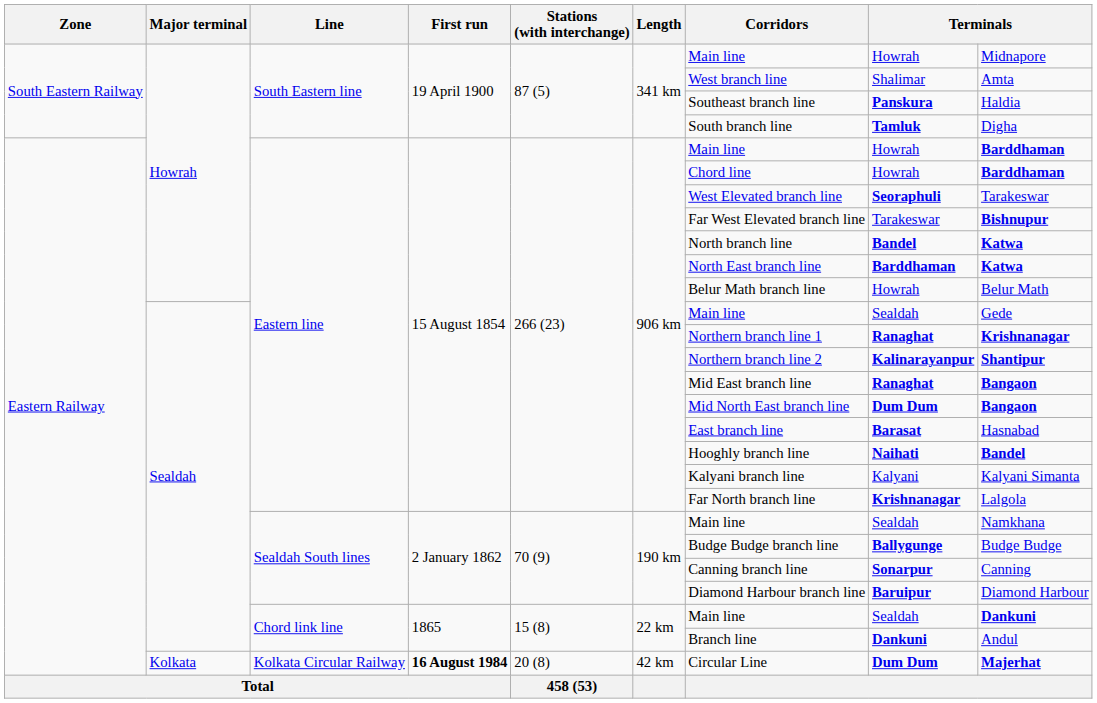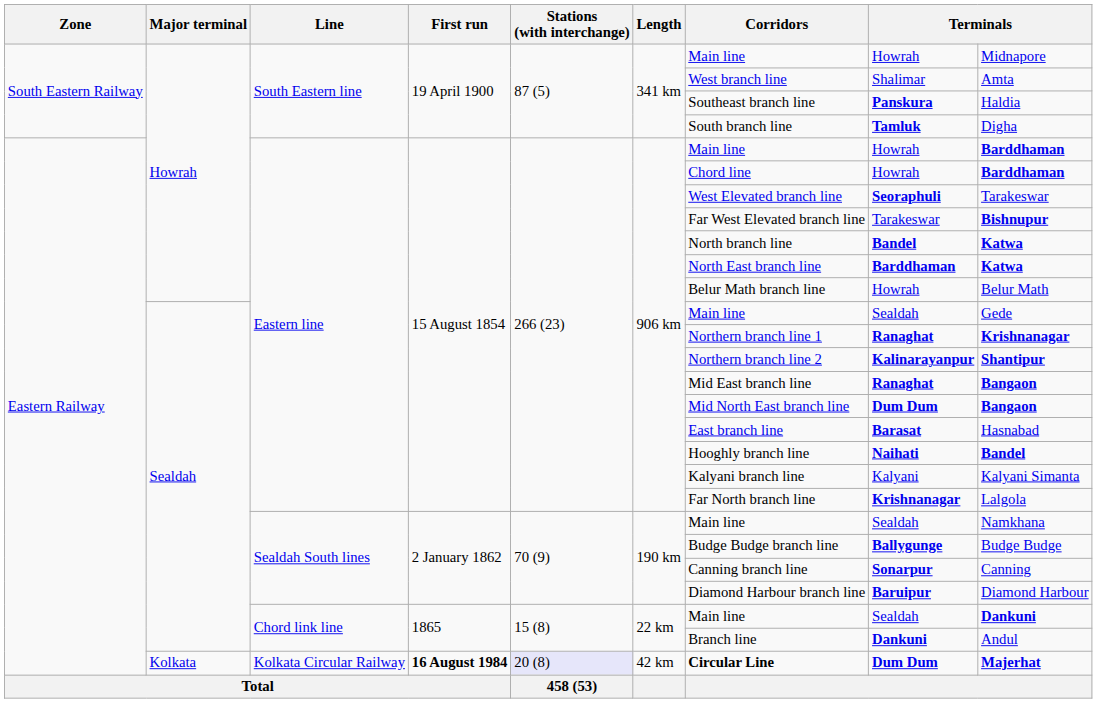 <table class="wikitable sortable">
 <tr>
 <th>Zone</th>
 <th>Major terminal</th>
 <th>Line</th>
 <th>First run</th>
 <th>Stations <br> (with interchange)</th>
 <th>Length</th>
 <th>Corridors</th>
 <th colspan="2">Terminals</th>
 </tr>
 <tr>
 <td rowspan="4"><a href='#'>South Eastern Railway</a></td>
 <td rowspan="11"><a href='#'>Howrah</a></td>
 <td rowspan="4"><a href='#'>South Eastern line</a></td>
 <td rowspan="4">19 April 1900</td>
 <td rowspan="4">87 (5)</td>
 <td rowspan="4">341 km</td>
 <td><a href='#'>Main line</a></td>
 <td><a href='#'>Howrah</a></td>
 <td><a href='#'>Midnapore</a></td>
 </tr>
 <tr>
 <td><a href='#'>West branch line</a></td>
 <td><a href='#'>Shalimar</a></td>
 <td><a href='#'>Amta</a></td>
 </tr>
 <tr>
 <td>Southeast branch line</td>
 <td><a href='#'><strong>Panskura</strong></a></td>
 <td><a href='#'>Haldia</a></td>
 </tr>
 <tr>
 <td>South branch line</td>
 <td><a href='#'><strong>Tamluk</strong></a></td>
 <td><a href='#'>Digha</a></td>
 </tr>
 <tr>
 <td rowspan="23"><a href='#'>Eastern Railway</a></td>
 <td rowspan="16"><a href='#'>Eastern line</a></td>
 <td rowspan="16">15 August 1854</td>
 <td rowspan="16">266 (23)</td>
 <td rowspan="16">906 km</td>
 <td><a href='#'>Main line</a></td>
 <td><a href='#'>Howrah</a></td>
 <td><a href='#'><strong>Barddhaman</strong></a></td>
 </tr>
 <tr>
 <td><a href='#'>Chord line</a></td>
 <td><a href='#'>Howrah</a></td>
 <td><a href='#'><strong>Barddhaman</strong></a></td>
 </tr>
 <tr>
 <td><a href='#'>West Elevated branch line</a></td>
 <td><a href='#'><strong>Seoraphuli</strong></a></td>
 <td><a href='#'>Tarakeswar</a></td>
 </tr>
 <tr>
 <td>Far West Elevated branch line</td>
 <td><a href='#'>Tarakeswar</a></td>
 <td><a href='#'><strong>Bishnupur</strong></a></td>
 </tr>
 <tr>
 <td>North branch line</td>
 <td><a href='#'><strong>Bandel</strong></a></td>
 <td><a href='#'><strong>Katwa</strong></a></td>
 </tr>
 <tr>
 <td><a href='#'>North East branch line</a></td>
 <td><a href='#'><strong>Barddhaman</strong></a></td>
 <td><a href='#'><strong>Katwa</strong></a></td>
 </tr>
 <tr>
 <td>Belur Math branch line</td>
 <td><a href='#'>Howrah</a></td>
 <td><a href='#'>Belur Math</a></td>
 </tr>
 <tr>
 <td rowspan="15"><a href='#'>Sealdah</a></td>
 <td><a href='#'>Main line</a></td>
 <td><a href='#'>Sealdah</a></td>
 <td><a href='#'>Gede</a></td>
 </tr>
 <tr>
 <td><a href='#'>Northern branch line 1</a></td>
 <td><a href='#'><strong>Ranaghat</strong></a></td>
 <td><strong><a href='#'>Krishnanagar</a></strong></td>
 </tr>
 <tr>
 <td><a href='#'>Northern branch line 2</a></td>
 <td><a href='#'><strong>Kalinarayanpur</strong></a></td>
 <td><a href='#'><strong>Shantipur</strong></a></td>
 </tr>
 <tr>
 <td>Mid East branch line</td>
 <td><a href='#'><strong>Ranaghat</strong></a></td>
 <td><a href='#'><strong>Bangaon</strong></a></td>
 </tr>
 <tr>
 <td><a href='#'>Mid North East branch line</a></td>
 <td><a href='#'><strong>Dum Dum</strong></a></td>
 <td><a href='#'><strong>Bangaon</strong></a></td>
 </tr>
 <tr>
 <td><a href='#'>East branch line</a></td>
 <td><a href='#'><strong>Barasat</strong></a></td>
 <td><a href='#'>Hasnabad</a></td>
 </tr>
 <tr>
 <td>Hooghly branch line</td>
 <td><a href='#'><strong>Naihati</strong></a></td>
 <td><a href='#'><strong>Bandel</strong></a></td>
 </tr>
 <tr>
 <td>Kalyani branch line</td>
 <td><a href='#'>Kalyani</a></td>
 <td><a href='#'>Kalyani Simanta</a></td>
 </tr>
 <tr>
 <td>Far North branch line</td>
 <td><a href='#'><strong>Krishnanagar</strong></a></td>
 <td><a href='#'>Lalgola</a></td>
 </tr>
 <tr>
 <td rowspan="4"><a href='#'>Sealdah South lines</a></td>
 <td rowspan="4">2 January 1862</td>
 <td rowspan="4">70 (9)</td>
 <td rowspan="4">190 km</td>
 <td>Main line</td>
 <td><a href='#'>Sealdah</a></td>
 <td><a href='#'>Namkhana</a></td>
 </tr>
 <tr>
 <td>Budge Budge branch line</td>
 <td><a href='#'><strong>Ballygunge</strong></a></td>
 <td><a href='#'>Budge Budge</a></td>
 </tr>
 <tr>
 <td>Canning branch line</td>
 <td><a href='#'><strong>Sonarpur</strong></a></td>
 <td><a href='#'>Canning</a></td>
 </tr>
 <tr>
 <td>Diamond Harbour branch line</td>
 <td><a href='#'><strong>Baruipur</strong></a></td>
 <td><a href='#'>Diamond Harbour</a></td>
 </tr>
 <tr>
 <td rowspan="2"><a href='#'>Chord link line</a></td>
 <td rowspan="2">1865</td>
 <td rowspan="2">15 (8)</td>
 <td rowspan="2">22 km</td>
 <td>Main line</td>
 <td><a href='#'>Sealdah</a></td>
 <td><a href='#'><strong>Dankuni</strong></a></td>
 </tr>
 <tr>
 <td>Branch line</td>
 <td><a href='#'><strong>Dankuni</strong></a></td>
 <td><a href='#'>Andul</a></td>
 </tr>
 <tr>
 <td><a href='#'>Kolkata</a></td>
 <td><a href='#'>Kolkata Circular Railway</a></td>
 <td><strong>16 August 1984</strong></td>
-<td>20 (8)</td>
+<td style="background: lavender;">20 (8)</td>
 <td>42 km</td>
-<td>Circular Line</td>
+<td><strong>Circular Line</strong></td>
 <td><a href='#'><strong>Dum Dum</strong></a></td>
 <td><a href='#'><strong>Majerhat</strong></a></td>
 </tr>
 <tr>
 <th colspan="4">Total</th>
 <th>458 (53)</th>
 <th></th>
 <th colspan="3"></th>
 </tr>
 </table>
